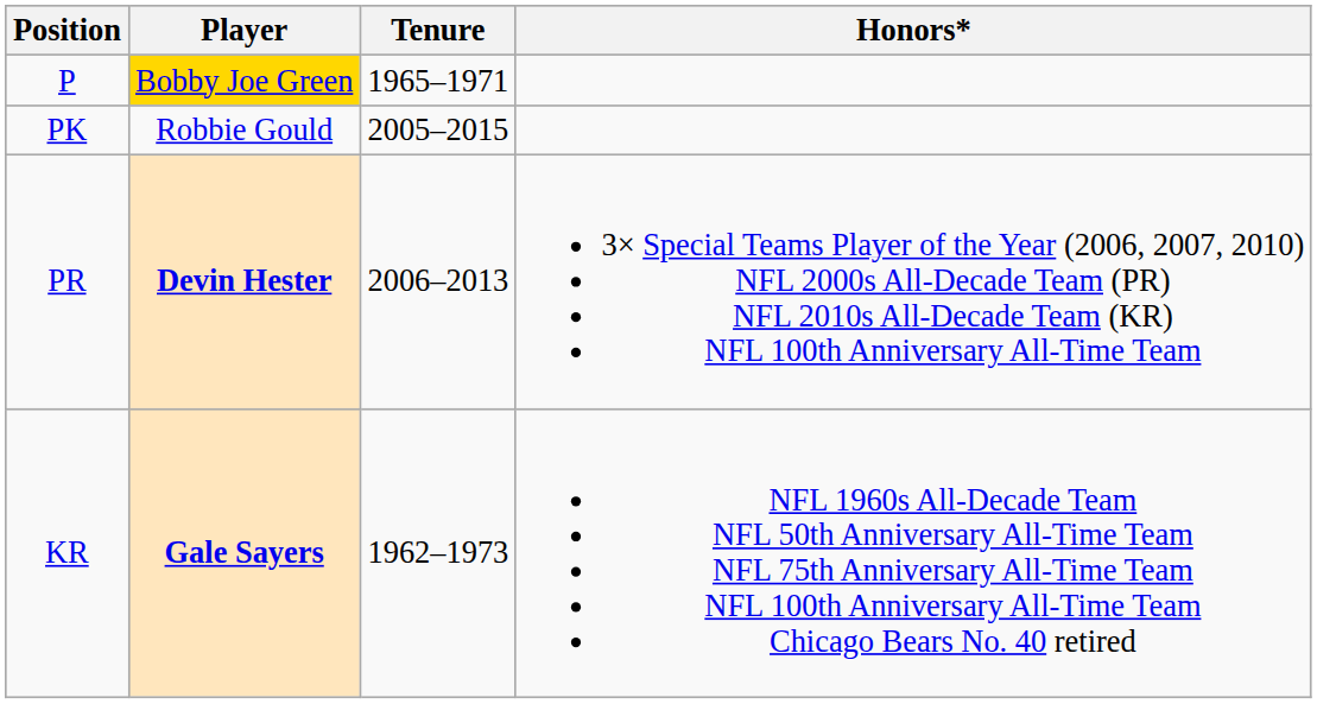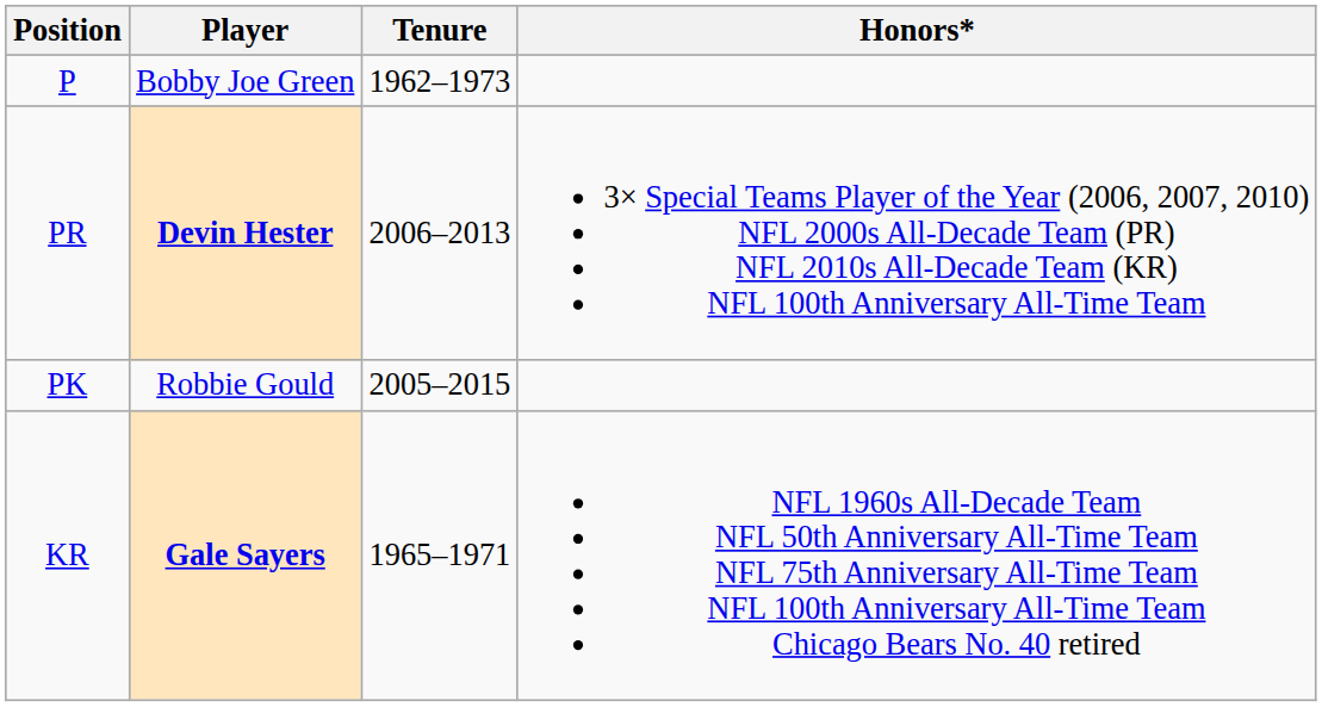 <table class="wikitable" style="text-align:center">
 <tr>
 <th>Position</th>
 <th>Player</th>
 <th>Tenure</th>
 <th>Honors*</th>
 </tr>
 <tr>
 <td><a href='#'>P</a></td>
-<td style="background: gold;"><a href='#'>Bobby Joe Green</a></td>
-<td>1965–1971</td>
-<td></td>
-</tr>
-<tr>
-<td><a href='#'>PK</a></td>
-<td><a href='#'>Robbie Gould</a></td>
-<td>2005–2015</td>
+<td><a href='#'>Bobby Joe Green</a></td>
+<td>1962–1973</td>
 <td></td>
 </tr>
 <tr>
 <td><a href='#'>PR</a></td>
 <td style="background-color:#FFE6BD"><strong><a href='#'>Devin Hester</a></strong></td>
 <td>2006–2013</td>
 <td><br><ul><li>3× <a href='#'>Special Teams Player of the Year</a> (2006, 2007, 2010)</li><li><a href='#'>NFL 2000s All-Decade Team</a> (PR)</li><li><a href='#'>NFL 2010s All-Decade Team</a> (KR)</li><li><a href='#'>NFL 100th Anniversary All-Time Team</a></li></ul></td>
 </tr>
 <tr>
+<td><a href='#'>PK</a></td>
+<td><a href='#'>Robbie Gould</a></td>
+<td>2005–2015</td>
+<td></td>
+</tr>
+<tr>
 <td><a href='#'>KR</a></td>
 <td style="background-color:#FFE6BD"><strong><a href='#'>Gale Sayers</a></strong></td>
-<td>1962–1973</td>
+<td>1965–1971</td>
 <td><br><ul><li><a href='#'>NFL 1960s All-Decade Team</a></li><li><a href='#'>NFL 50th Anniversary All-Time Team</a></li><li><a href='#'>NFL 75th Anniversary All-Time Team</a></li><li><a href='#'>NFL 100th Anniversary All-Time Team</a></li><li><a href='#'>Chicago Bears No. 40</a> retired</li></ul></td>
 </tr>
 </table>
